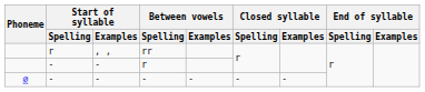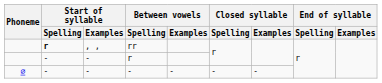 <table class="wikitable">
 <tr>
 <th rowspan=2>Phoneme</th>
 <th colspan=2>Start of syllable</th>
 <th colspan=2>Between vowels</th>
 <th colspan=2>Closed syllable</th>
 <th colspan=2>End of syllable</th>
 </tr>
 <tr>
 <th>Spelling</th>
 <th>Examples</th>
 <th>Spelling</th>
 <th>Examples</th>
 <th>Spelling</th>
 <th>Examples</th>
 <th>Spelling</th>
 <th>Examples</th>
 </tr>
 <tr>
 <td align=center></td>
-<td>r</td>
+<td><strong>r</strong></td>
 <td>, , </td>
 <td>rr</td>
 <td></td>
 <td rowspan="2">r</td>
 <td rowspan="2"></td>
 <td rowspan="3">r</td>
 <td rowspan="3"></td>
 </tr>
 <tr>
 <td align=center></td>
 <td>-</td>
 <td>-</td>
 <td>r</td>
 <td></td>
 </tr>
 <tr>
 <td align=center><a href='#'>∅</a></td>
 <td>-</td>
 <td>-</td>
 <td>-</td>
 <td>-</td>
 <td>-</td>
 <td>-</td>
 </tr>
 </table>
